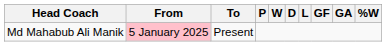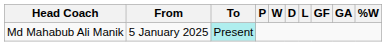 <table class="wikitable sortable" style="text-align:center">
 <tr>
 <th>Head Coach</th>
 <th Class="unsortable">From</th>
 <th Class="unsortable">To</th>
 <th abbr="3">P</th>
 <th abbr="1">W</th>
 <th abbr="1">D</th>
 <th abbr="1">L</th>
 <th abbr="4">GF</th>
 <th abbr="6">GA</th>
 <th abbr="50">%W</th>
 </tr>
 <tr>
 <td align=left> Md Mahabub Ali Manik</td>
-<td align=left style="background: pink;">5 January 2025</td>
-<td align=left>Present<br></td>
+<td align=left>5 January 2025</td>
+<td align=left style="background: paleturquoise;">Present<br></td>
 </tr>
 </table>
